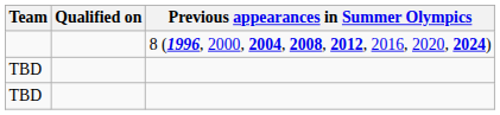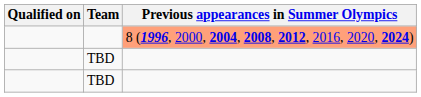 <table class="wikitable sortable">
 <tr>
+<th>Qualified on</th>
 <th>Team</th>
-<th>Qualified on</th>
 <th data-sort-type="number">Previous <a href='#'>appearances</a> in <a href='#'>Summer Olympics</a></th>
 </tr>
 <tr>
 <td></td>
 <td></td>
-<td>8 (<strong><em><a href='#'>1996</a></em></strong>, <a href='#'>2000</a>, <strong><a href='#'>2004</a></strong>, <strong><a href='#'>2008</a></strong>, <strong><a href='#'>2012</a></strong>, <a href='#'>2016</a>, <a href='#'>2020</a>, <strong><a href='#'>2024</a></strong>)</td>
+<td style="background: lightsalmon;">8 (<strong><em><a href='#'>1996</a></em></strong>, <a href='#'>2000</a>, <strong><a href='#'>2004</a></strong>, <strong><a href='#'>2008</a></strong>, <strong><a href='#'>2012</a></strong>, <a href='#'>2016</a>, <a href='#'>2020</a>, <strong><a href='#'>2024</a></strong>)</td>
 </tr>
 <tr>
+<td></td>
 <td>TBD</td>
-<td></td>
 <td></td>
 </tr>
 <tr>
+<td></td>
 <td>TBD</td>
-<td></td>
 <td></td>
 </tr>
 </table>
